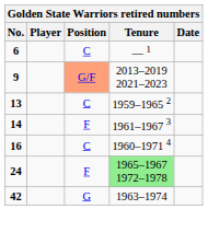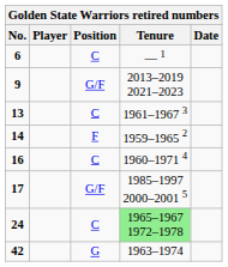 <table class="wikitable sortable" style="text-align:center">
 <tr>
 <th colspan="5">Golden State Warriors retired numbers</th>
 </tr>
 <tr>
 <th>No.</th>
 <th>Player</th>
 <th>Position</th>
 <th>Tenure</th>
 <th>Date</th>
 </tr>
 <tr>
 <td><strong>6</strong></td>
 <td></td>
 <td><a href='#'>C</a></td>
 <td>— <sup>1</sup></td>
 <td></td>
 </tr>
 <tr>
 <td><strong>9</strong></td>
 <td></td>
-<td style="background: lightsalmon;"><a href='#'>G/F</a></td>
+<td><a href='#'>G/F</a></td>
 <td>2013–2019<br>2021–2023</td>
 <td></td>
 </tr>
 <tr>
 <td><strong>13</strong></td>
 <td></td>
 <td><a href='#'>C</a></td>
-<td>1959–1965 <sup>2</sup></td>
+<td>1961–1967 <sup>3</sup></td>
 <td></td>
 </tr>
 <tr>
 <td><strong>14</strong></td>
 <td></td>
 <td><a href='#'>F</a></td>
-<td>1961–1967 <sup>3</sup></td>
+<td>1959–1965 <sup>2</sup></td>
 <td></td>
 </tr>
 <tr>
 <td><strong>16</strong></td>
 <td></td>
 <td><a href='#'>C</a></td>
 <td>1960–1971 <sup>4</sup></td>
 <td></td>
 </tr>
 <tr>
+<td><strong>17</strong></td>
+<td></td>
+<td><a href='#'>G/F</a></td>
+<td>1985–1997<br>2000–2001 <sup>5</sup></td>
+<td></td>
+</tr>
+<tr>
 <td><strong>24</strong></td>
 <td></td>
-<td><a href='#'>F</a></td>
+<td><a href='#'>C</a></td>
 <td style="background: lightgreen;">1965–1967<br>1972–1978</td>
 <td></td>
 </tr>
 <tr>
 <td><strong>42</strong></td>
 <td></td>
 <td><a href='#'>G</a></td>
 <td>1963–1974</td>
 <td></td>
 </tr>
 </table>
